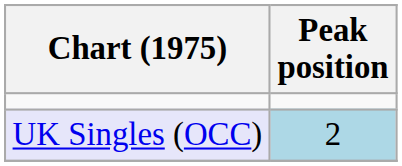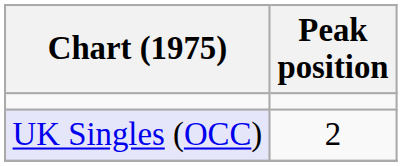 <table class="wikitable">
 <tr>
 <th>Chart (1975)</th>
 <th>Peak<br>position</th>
 </tr>
 <tr>
 <td></td>
 </tr>
 <tr>
 <td style="background: lavender;"><a href='#'>UK Singles</a> (<a href='#'>OCC</a>)</td>
-<td align="center" style="background: lightblue;">2</td>
+<td align="center">2</td>
 </tr>
 <tr>
 </tr>
 </table>
